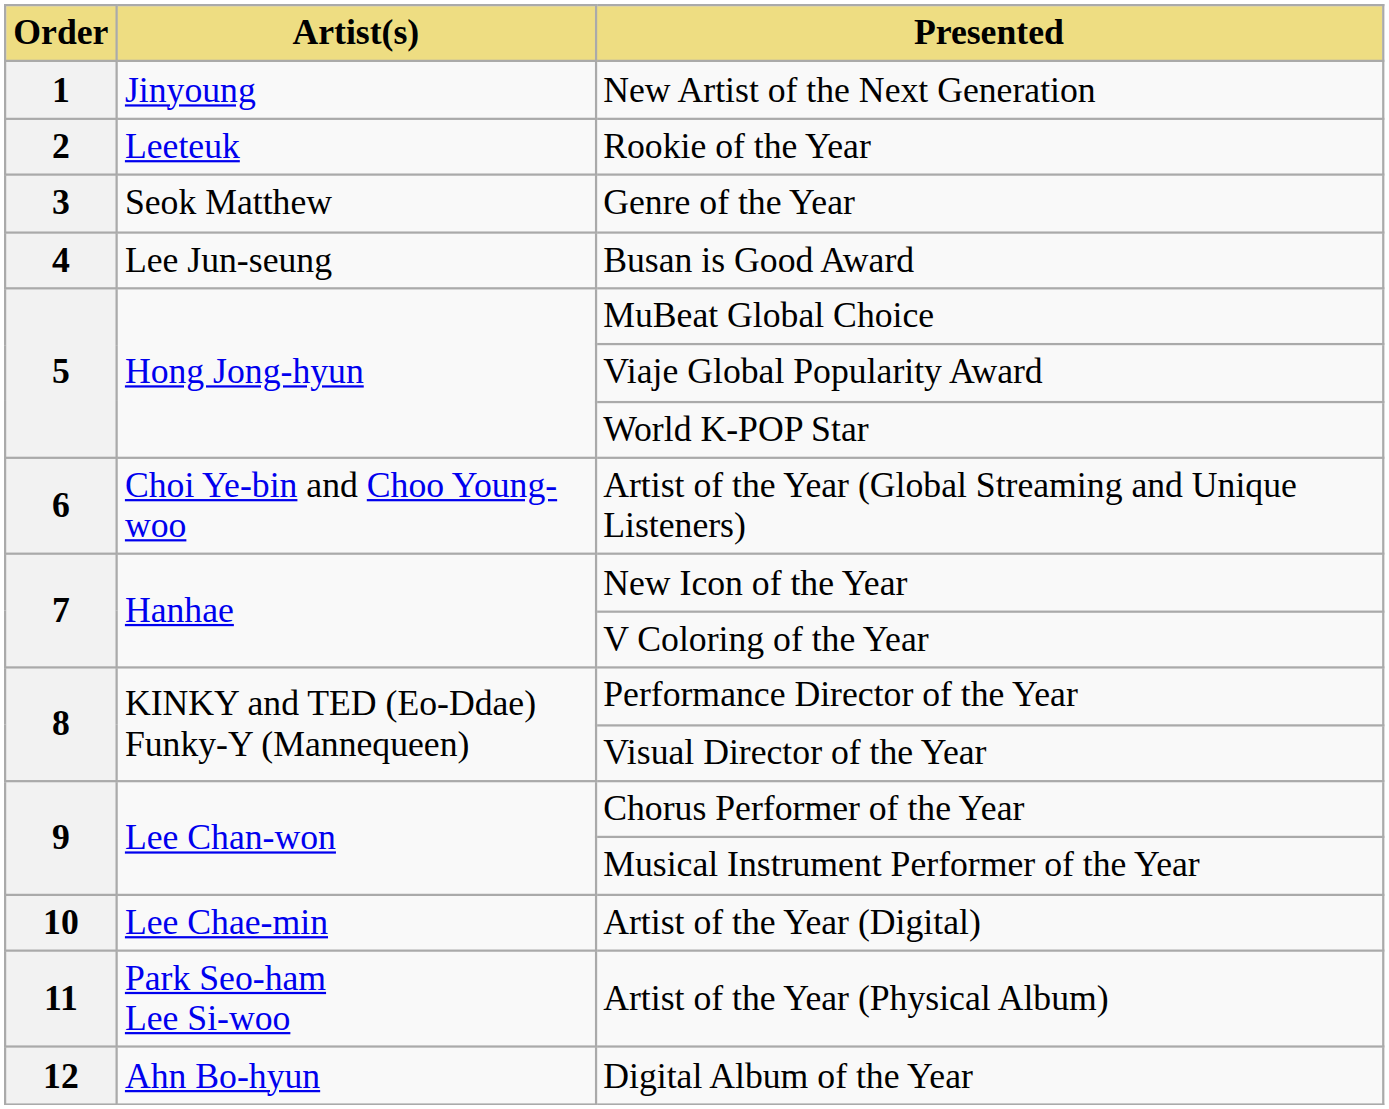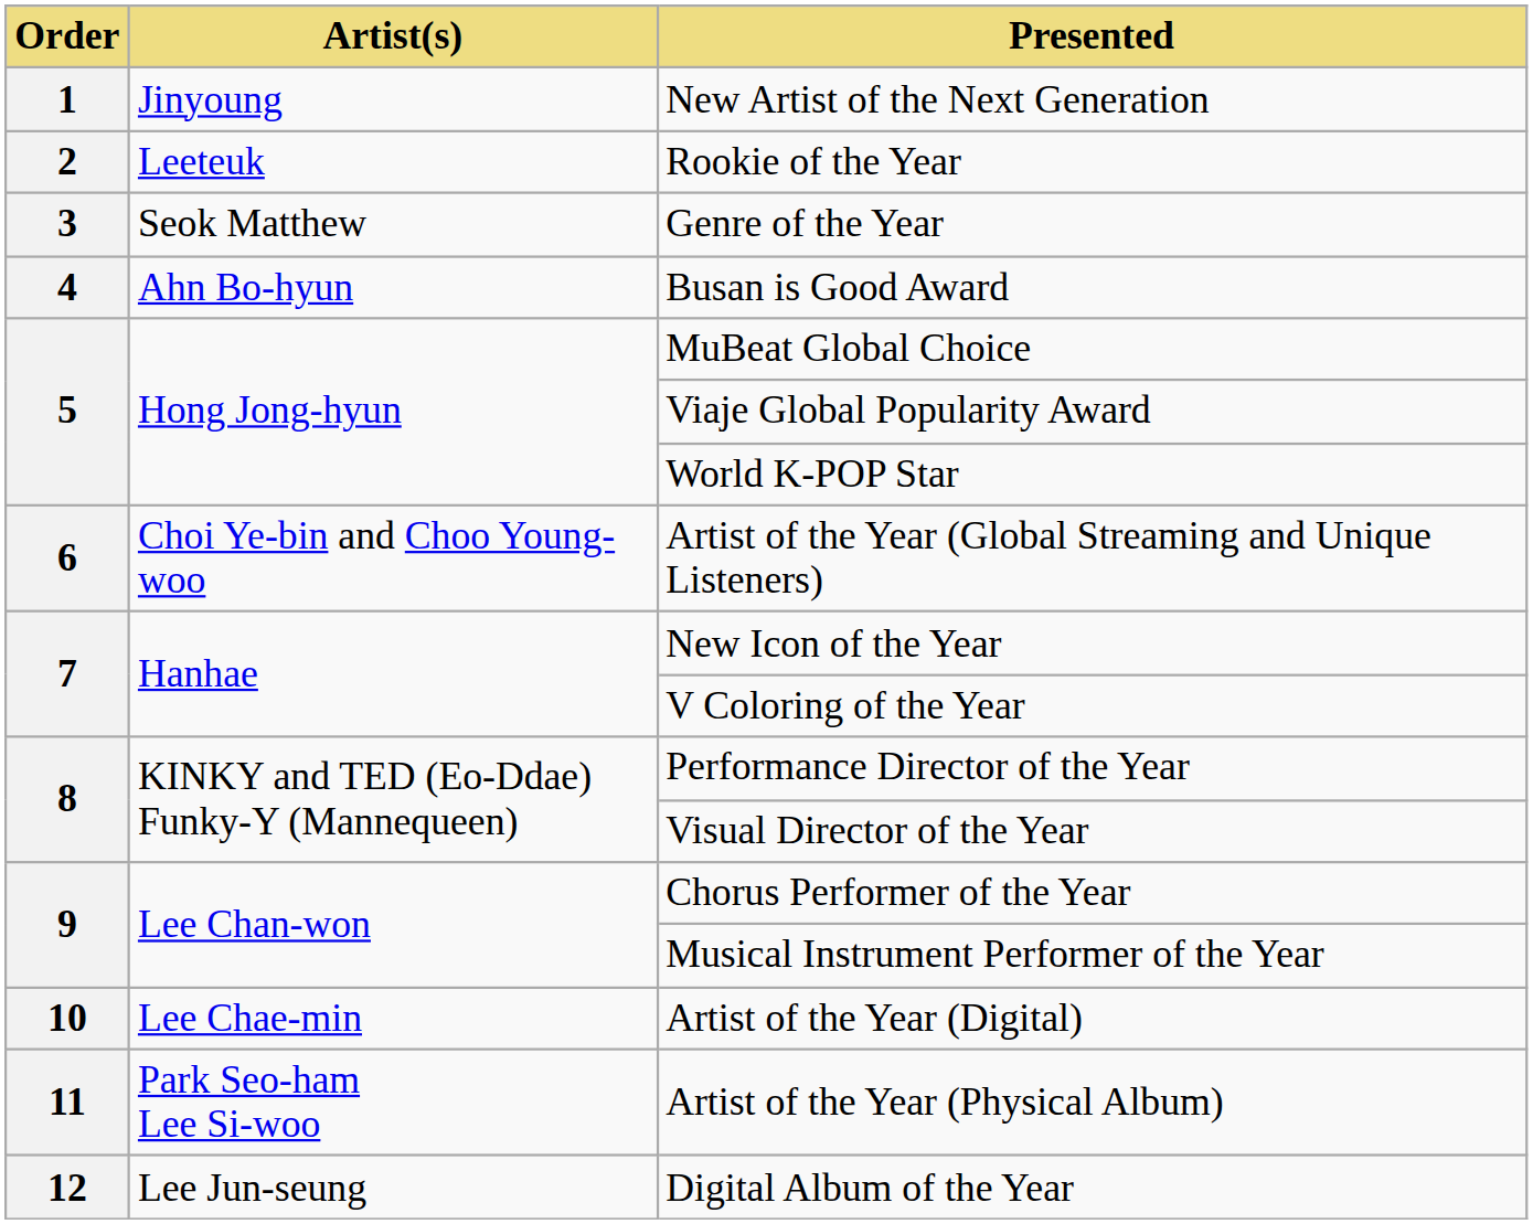 <table class="wikitable plainrowheaders" style="width:70%">
 <tr>
 <th scope="col" style="background:#EEDD82; width:2%">Order</th>
 <th scope="col" style="background:#EEDD82">Artist(s)</th>
 <th scope="col" style="background:#EEDD82">Presented</th>
 </tr>
 <tr>
 <th scope="row">1</th>
 <td><a href='#'>Jinyoung</a></td>
 <td>New Artist of the Next Generation</td>
 </tr>
 <tr>
 <th scope="row">2</th>
 <td><a href='#'>Leeteuk</a></td>
 <td>Rookie of the Year</td>
 </tr>
 <tr>
 <th scope="row">3</th>
 <td>Seok Matthew</td>
 <td>Genre of the Year</td>
 </tr>
 <tr>
 <th scope="row">4</th>
-<td>Lee Jun-seung </td>
+<td><a href='#'>Ahn Bo-hyun</a></td>
 <td>Busan is Good Award</td>
 </tr>
 <tr>
 <th scope="row" rowspan="3">5</th>
 <td rowspan="3"><a href='#'>Hong Jong-hyun</a></td>
 <td>MuBeat Global Choice</td>
 </tr>
 <tr>
 <td>Viaje Global Popularity Award</td>
 </tr>
 <tr>
 <td>World K-POP Star</td>
 </tr>
 <tr>
 <th scope="row">6</th>
 <td><a href='#'>Choi Ye-bin</a> and <a href='#'>Choo Young-woo</a></td>
 <td>Artist of the Year (Global Streaming and Unique Listeners)</td>
 </tr>
 <tr>
 <th scope="row" rowspan="2">7</th>
 <td rowspan="2"><a href='#'>Hanhae</a></td>
 <td>New Icon of the Year</td>
 </tr>
 <tr>
 <td>V Coloring of the Year</td>
 </tr>
 <tr>
 <th scope="row" rowspan="2">8</th>
 <td rowspan="2">KINKY and TED (Eo-Ddae) <br> Funky-Y (Mannequeen)</td>
 <td>Performance Director of the Year</td>
 </tr>
 <tr>
 <td>Visual Director of the Year</td>
 </tr>
 <tr>
 <th scope="row" rowspan="2">9</th>
 <td rowspan="2"><a href='#'>Lee Chan-won</a></td>
 <td>Chorus Performer of the Year</td>
 </tr>
 <tr>
 <td>Musical Instrument Performer of the Year</td>
 </tr>
 <tr>
 <th scope="row">10</th>
 <td><a href='#'>Lee Chae-min</a></td>
 <td>Artist of the Year (Digital)</td>
 </tr>
 <tr>
 <th scope="row">11</th>
 <td><a href='#'>Park Seo-ham</a> <br> <a href='#'>Lee Si-woo</a></td>
 <td>Artist of the Year (Physical Album)</td>
 </tr>
 <tr>
 <th scope="row">12</th>
-<td><a href='#'>Ahn Bo-hyun</a></td>
+<td>Lee Jun-seung </td>
 <td>Digital Album of the Year</td>
 </tr>
 </table>
